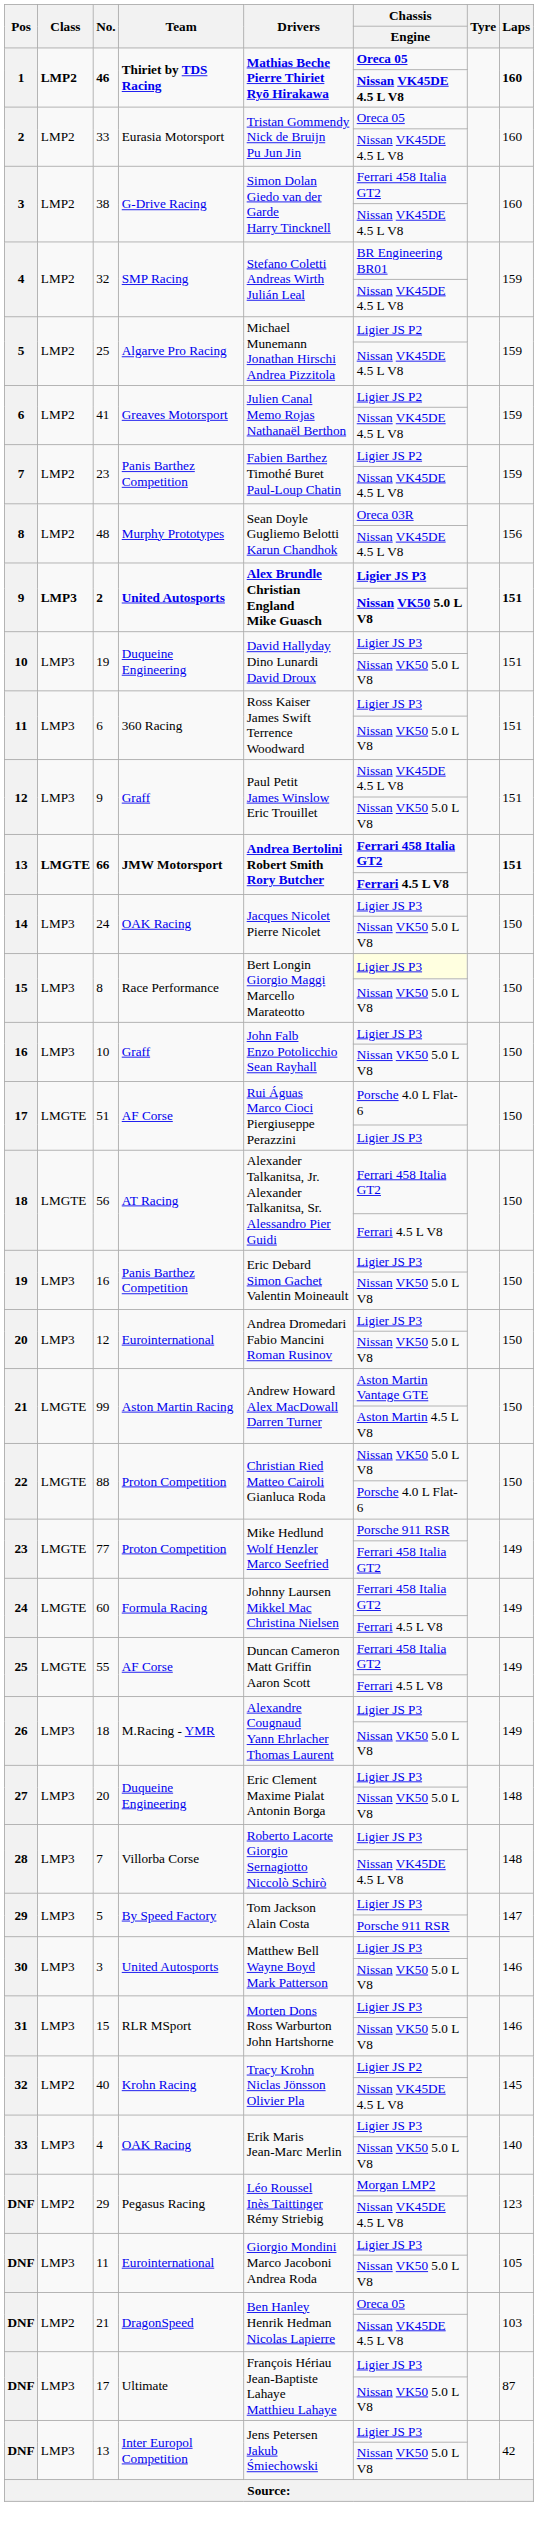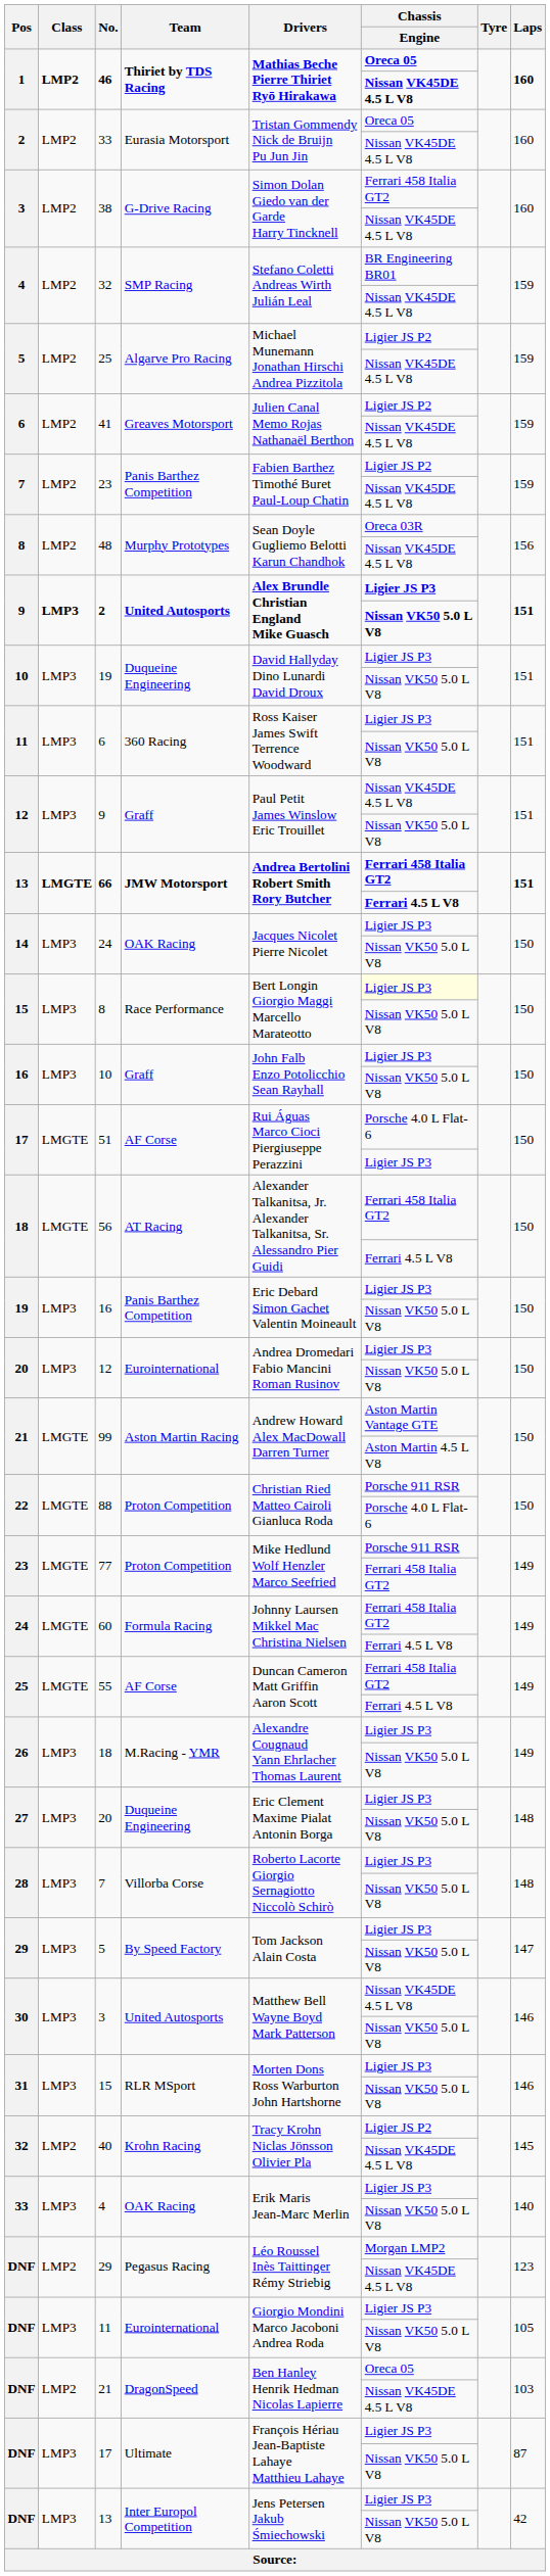 <table class="wikitable" style="font-size: 95%;">
 <tr>
 <th rowspan=2>Pos</th>
 <th rowspan=2>Class</th>
 <th rowspan=2>No.</th>
 <th rowspan=2>Team</th>
 <th rowspan=2>Drivers</th>
 <th>Chassis</th>
 <th rowspan=2>Tyre</th>
 <th rowspan=2>Laps</th>
 </tr>
 <tr>
 <th>Engine</th>
 </tr>
 <tr>
 <th rowspan=2>1</th>
 <td rowspan=2><strong>LMP2</strong></td>
 <td rowspan=2><strong>46</strong></td>
 <td rowspan=2><strong> Thiriet by <a href='#'>TDS Racing</a></strong></td>
 <td rowspan=2><strong> <a href='#'>Mathias Beche</a><br> <a href='#'>Pierre Thiriet</a><br> <a href='#'>Ryō Hirakawa</a></strong></td>
 <td><a href='#'><strong>Oreca 05</strong></a></td>
 <td rowspan=2></td>
 <td rowspan=2><strong>160</strong></td>
 </tr>
 <tr>
 <td><strong><a href='#'>Nissan</a> <a href='#'>VK45DE</a> 4.5 L V8</strong></td>
 </tr>
 <tr>
 <th rowspan=2>2</th>
 <td rowspan=2>LMP2</td>
 <td rowspan=2>33</td>
 <td rowspan=2> Eurasia Motorsport</td>
 <td rowspan=2> <a href='#'>Tristan Gommendy</a><br> <a href='#'>Nick de Bruijn</a><br> <a href='#'>Pu Jun Jin</a></td>
 <td><a href='#'>Oreca 05</a></td>
 <td rowspan=2></td>
 <td rowspan=2>160</td>
 </tr>
 <tr>
 <td><a href='#'>Nissan</a> <a href='#'>VK45DE</a> 4.5 L V8</td>
 </tr>
 <tr>
 <th rowspan=2>3</th>
 <td rowspan=2>LMP2</td>
 <td rowspan=2>38</td>
 <td rowspan=2> <a href='#'>G-Drive Racing</a></td>
 <td rowspan=2> <a href='#'>Simon Dolan</a><br> <a href='#'>Giedo van der Garde</a><br> <a href='#'>Harry Tincknell</a></td>
 <td><a href='#'>Ferrari 458 Italia GT2</a></td>
 <td rowspan=2></td>
 <td rowspan=2>160</td>
 </tr>
 <tr>
 <td><a href='#'>Nissan</a> <a href='#'>VK45DE</a> 4.5 L V8</td>
 </tr>
 <tr>
 <th rowspan=2>4</th>
 <td rowspan=2>LMP2</td>
 <td rowspan=2>32</td>
 <td rowspan=2> <a href='#'>SMP Racing</a></td>
 <td rowspan=2> <a href='#'>Stefano Coletti</a><br> <a href='#'>Andreas Wirth</a><br> <a href='#'>Julián Leal</a></td>
 <td><a href='#'>BR Engineering BR01</a></td>
 <td rowspan=2></td>
 <td rowspan=2>159</td>
 </tr>
 <tr>
 <td><a href='#'>Nissan</a> <a href='#'>VK45DE</a> 4.5 L V8</td>
 </tr>
 <tr>
 <th rowspan=2>5</th>
 <td rowspan=2>LMP2</td>
 <td rowspan=2>25</td>
 <td rowspan=2> <a href='#'>Algarve Pro Racing</a></td>
 <td rowspan=2> Michael Munemann<br> <a href='#'>Jonathan Hirschi</a><br> <a href='#'>Andrea Pizzitola</a></td>
 <td><a href='#'>Ligier JS P2</a></td>
 <td rowspan=2></td>
 <td rowspan=2>159</td>
 </tr>
 <tr>
 <td><a href='#'>Nissan</a> <a href='#'>VK45DE</a> 4.5 L V8</td>
 </tr>
 <tr>
 <th rowspan=2>6</th>
 <td rowspan=2>LMP2</td>
 <td rowspan=2>41</td>
 <td rowspan=2> <a href='#'>Greaves Motorsport</a></td>
 <td rowspan=2> <a href='#'>Julien Canal</a><br> <a href='#'>Memo Rojas</a><br> <a href='#'>Nathanaël Berthon</a></td>
 <td><a href='#'>Ligier JS P2</a></td>
 <td rowspan=2></td>
 <td rowspan=2>159</td>
 </tr>
 <tr>
 <td><a href='#'>Nissan</a> <a href='#'>VK45DE</a> 4.5 L V8</td>
 </tr>
 <tr>
 <th rowspan=2>7</th>
 <td rowspan=2>LMP2</td>
 <td rowspan=2>23</td>
 <td rowspan=2> <a href='#'>Panis Barthez Competition</a></td>
 <td rowspan=2> <a href='#'>Fabien Barthez</a><br> Timothé Buret<br> <a href='#'>Paul-Loup Chatin</a></td>
 <td><a href='#'>Ligier JS P2</a></td>
 <td rowspan=2></td>
 <td rowspan=2>159</td>
 </tr>
 <tr>
 <td><a href='#'>Nissan</a> <a href='#'>VK45DE</a> 4.5 L V8</td>
 </tr>
 <tr>
 <th rowspan=2>8</th>
 <td rowspan=2>LMP2</td>
 <td rowspan=2>48</td>
 <td rowspan=2> <a href='#'>Murphy Prototypes</a></td>
 <td rowspan=2> Sean Doyle<br> Gugliemo Belotti<br> <a href='#'>Karun Chandhok</a></td>
 <td><a href='#'>Oreca 03R</a></td>
 <td rowspan=2></td>
 <td rowspan=2>156</td>
 </tr>
 <tr>
 <td><a href='#'>Nissan</a> <a href='#'>VK45DE</a> 4.5 L V8</td>
 </tr>
 <tr>
 <th rowspan=2>9</th>
 <td rowspan=2><strong>LMP3</strong></td>
 <td rowspan=2><strong>2</strong></td>
 <td rowspan=2><strong> <a href='#'>United Autosports</a></strong></td>
 <td rowspan=2><strong> <a href='#'>Alex Brundle</a><br> Christian England<br> Mike Guasch</strong></td>
 <td><a href='#'><strong>Ligier JS P3</strong></a></td>
 <td rowspan=2></td>
 <td rowspan=2><strong>151</strong></td>
 </tr>
 <tr>
 <td><strong><a href='#'>Nissan</a> <a href='#'>VK50</a> 5.0 L V8</strong></td>
 </tr>
 <tr>
 <th rowspan=2>10</th>
 <td rowspan=2>LMP3</td>
 <td rowspan=2>19</td>
 <td rowspan=2> <a href='#'>Duqueine Engineering</a></td>
 <td rowspan=2> <a href='#'>David Hallyday</a><br> Dino Lunardi<br> <a href='#'>David Droux</a></td>
 <td><a href='#'>Ligier JS P3</a></td>
 <td rowspan=2></td>
 <td rowspan=2>151</td>
 </tr>
 <tr>
 <td><a href='#'>Nissan</a> <a href='#'>VK50</a> 5.0 L V8</td>
 </tr>
 <tr>
 <th rowspan=2>11</th>
 <td rowspan=2>LMP3</td>
 <td rowspan=2>6</td>
 <td rowspan=2> 360 Racing</td>
 <td rowspan=2> Ross Kaiser<br> James Swift<br> Terrence Woodward</td>
 <td><a href='#'>Ligier JS P3</a></td>
 <td rowspan=2></td>
 <td rowspan=2>151</td>
 </tr>
 <tr>
 <td><a href='#'>Nissan</a> <a href='#'>VK50</a> 5.0 L V8</td>
 </tr>
 <tr>
 <th rowspan=2>12</th>
 <td rowspan=2>LMP3</td>
 <td rowspan=2>9</td>
 <td rowspan=2> <a href='#'>Graff</a></td>
 <td rowspan=2> Paul Petit<br> <a href='#'>James Winslow</a><br> Eric Trouillet</td>
 <td><a href='#'>Nissan</a> <a href='#'>VK45DE</a> 4.5 L V8</td>
 <td rowspan=2></td>
 <td rowspan=2>151</td>
 </tr>
 <tr>
 <td><a href='#'>Nissan</a> <a href='#'>VK50</a> 5.0 L V8</td>
 </tr>
 <tr>
 <th rowspan=2>13</th>
 <td rowspan=2><strong>LMGTE</strong></td>
 <td rowspan=2><strong>66</strong></td>
 <td rowspan=2><strong> JMW Motorsport</strong></td>
 <td rowspan=2><strong> <a href='#'>Andrea Bertolini</a><br> Robert Smith<br> <a href='#'>Rory Butcher</a></strong></td>
 <td><a href='#'><strong>Ferrari 458 Italia GT2</strong></a></td>
 <td rowspan=2></td>
 <td rowspan=2><strong>151</strong></td>
 </tr>
 <tr>
 <td><strong><a href='#'>Ferrari</a> 4.5 L V8</strong></td>
 </tr>
 <tr>
 <th rowspan=2>14</th>
 <td rowspan=2>LMP3</td>
 <td rowspan=2>24</td>
 <td rowspan=2> <a href='#'>OAK Racing</a></td>
 <td rowspan=2> <a href='#'>Jacques Nicolet</a><br> Pierre Nicolet</td>
 <td><a href='#'>Ligier JS P3</a></td>
 <td rowspan=2></td>
 <td rowspan=2>150</td>
 </tr>
 <tr>
 <td><a href='#'>Nissan</a> <a href='#'>VK50</a> 5.0 L V8</td>
 </tr>
 <tr>
 <th rowspan=2>15</th>
 <td rowspan=2>LMP3</td>
 <td rowspan=2>8</td>
 <td rowspan=2> Race Performance</td>
 <td rowspan=2> Bert Longin<br> <a href='#'>Giorgio Maggi</a><br> Marcello Marateotto</td>
 <td style="background: lightyellow;"><a href='#'>Ligier JS P3</a></td>
 <td rowspan=2></td>
 <td rowspan=2>150</td>
 </tr>
 <tr>
 <td><a href='#'>Nissan</a> <a href='#'>VK50</a> 5.0 L V8</td>
 </tr>
 <tr>
 <th rowspan=2>16</th>
 <td rowspan=2>LMP3</td>
 <td rowspan=2>10</td>
 <td rowspan=2> <a href='#'>Graff</a></td>
 <td rowspan=2> <a href='#'>John Falb</a><br> <a href='#'>Enzo Potolicchio</a><br> <a href='#'>Sean Rayhall</a></td>
 <td><a href='#'>Ligier JS P3</a></td>
 <td rowspan=2></td>
 <td rowspan=2>150</td>
 </tr>
 <tr>
 <td><a href='#'>Nissan</a> <a href='#'>VK50</a> 5.0 L V8</td>
 </tr>
 <tr>
 <th rowspan=2>17</th>
 <td rowspan=2>LMGTE</td>
 <td rowspan=2>51</td>
 <td rowspan=2> <a href='#'>AF Corse</a></td>
 <td rowspan=2> <a href='#'>Rui Águas</a><br> <a href='#'>Marco Cioci</a><br> Piergiuseppe Perazzini</td>
 <td><a href='#'>Porsche</a> 4.0 L Flat-6</td>
 <td rowspan=2></td>
 <td rowspan=2>150</td>
 </tr>
 <tr>
 <td><a href='#'>Ligier JS P3</a></td>
 </tr>
 <tr>
 <th rowspan=2>18</th>
 <td rowspan=2>LMGTE</td>
 <td rowspan=2>56</td>
 <td rowspan=2> <a href='#'>AT Racing</a></td>
 <td rowspan=2> Alexander Talkanitsa, Jr.<br> Alexander Talkanitsa, Sr.<br> <a href='#'>Alessandro Pier Guidi</a></td>
 <td><a href='#'>Ferrari 458 Italia GT2</a></td>
 <td rowspan=2></td>
 <td rowspan=2>150</td>
 </tr>
 <tr>
 <td><a href='#'>Ferrari</a> 4.5 L V8</td>
 </tr>
 <tr>
 <th rowspan=2>19</th>
 <td rowspan=2>LMP3</td>
 <td rowspan=2>16</td>
 <td rowspan=2> <a href='#'>Panis Barthez Competition</a></td>
 <td rowspan=2> Eric Debard<br> <a href='#'>Simon Gachet</a><br> Valentin Moineault</td>
 <td><a href='#'>Ligier JS P3</a></td>
 <td rowspan=2></td>
 <td rowspan=2>150</td>
 </tr>
 <tr>
 <td><a href='#'>Nissan</a> <a href='#'>VK50</a> 5.0 L V8</td>
 </tr>
 <tr>
 <th rowspan=2>20</th>
 <td rowspan=2>LMP3</td>
 <td rowspan=2>12</td>
 <td rowspan=2> <a href='#'>Eurointernational</a></td>
 <td rowspan=2> Andrea Dromedari<br> Fabio Mancini<br> <a href='#'>Roman Rusinov</a></td>
 <td><a href='#'>Ligier JS P3</a></td>
 <td rowspan=2></td>
 <td rowspan=2>150</td>
 </tr>
 <tr>
 <td><a href='#'>Nissan</a> <a href='#'>VK50</a> 5.0 L V8</td>
 </tr>
 <tr>
 <th rowspan=2>21</th>
 <td rowspan=2>LMGTE</td>
 <td rowspan=2>99</td>
 <td rowspan=2> <a href='#'>Aston Martin Racing</a></td>
 <td rowspan=2> Andrew Howard<br> <a href='#'>Alex MacDowall</a><br> <a href='#'>Darren Turner</a></td>
 <td><a href='#'>Aston Martin Vantage GTE</a></td>
 <td rowspan=2></td>
 <td rowspan=2>150</td>
 </tr>
 <tr>
 <td><a href='#'>Aston Martin</a> 4.5 L V8</td>
 </tr>
 <tr>
 <th rowspan=2>22</th>
 <td rowspan=2>LMGTE</td>
 <td rowspan=2>88</td>
 <td rowspan=2> <a href='#'>Proton Competition</a></td>
 <td rowspan=2> <a href='#'>Christian Ried</a><br> <a href='#'>Matteo Cairoli</a><br> Gianluca Roda</td>
-<td><a href='#'>Nissan</a> <a href='#'>VK50</a> 5.0 L V8</td>
+<td><a href='#'>Porsche 911 RSR</a></td>
 <td rowspan=2></td>
 <td rowspan=2>150</td>
 </tr>
 <tr>
 <td><a href='#'>Porsche</a> 4.0 L Flat-6</td>
 </tr>
 <tr>
 <th rowspan=2>23</th>
 <td rowspan=2>LMGTE</td>
 <td rowspan=2>77</td>
 <td rowspan=2> <a href='#'>Proton Competition</a></td>
 <td rowspan=2> Mike Hedlund<br> <a href='#'>Wolf Henzler</a><br> <a href='#'>Marco Seefried</a></td>
 <td><a href='#'>Porsche 911 RSR</a></td>
 <td rowspan=2></td>
 <td rowspan=2>149</td>
 </tr>
 <tr>
 <td><a href='#'>Ferrari 458 Italia GT2</a></td>
 </tr>
 <tr>
 <th rowspan=2>24</th>
 <td rowspan=2>LMGTE</td>
 <td rowspan=2>60</td>
 <td rowspan=2> <a href='#'>Formula Racing</a></td>
 <td rowspan=2> Johnny Laursen<br> <a href='#'>Mikkel Mac</a><br> <a href='#'>Christina Nielsen</a></td>
 <td><a href='#'>Ferrari 458 Italia GT2</a></td>
 <td rowspan=2></td>
 <td rowspan=2>149</td>
 </tr>
 <tr>
 <td><a href='#'>Ferrari</a> 4.5 L V8</td>
 </tr>
 <tr>
 <th rowspan=2>25</th>
 <td rowspan=2>LMGTE</td>
 <td rowspan=2>55</td>
 <td rowspan=2> <a href='#'>AF Corse</a></td>
 <td rowspan=2> Duncan Cameron<br> Matt Griffin<br> Aaron Scott</td>
 <td><a href='#'>Ferrari 458 Italia GT2</a></td>
 <td rowspan=2></td>
 <td rowspan=2>149</td>
 </tr>
 <tr>
 <td><a href='#'>Ferrari</a> 4.5 L V8</td>
 </tr>
 <tr>
 <th rowspan="2">26</th>
 <td rowspan="2">LMP3</td>
 <td rowspan="2">18</td>
 <td rowspan="2"> M.Racing - <a href='#'>YMR</a></td>
 <td rowspan="2"> <a href='#'>Alexandre Cougnaud</a><br> <a href='#'>Yann Ehrlacher</a><br> <a href='#'>Thomas Laurent</a></td>
 <td><a href='#'>Ligier JS P3</a></td>
 <td rowspan="2"></td>
 <td rowspan="2">149</td>
 </tr>
 <tr>
 <td><a href='#'>Nissan</a> <a href='#'>VK50</a> 5.0 L V8</td>
 </tr>
 <tr>
 <th rowspan=2>27</th>
 <td rowspan=2>LMP3</td>
 <td rowspan=2>20</td>
 <td rowspan=2> <a href='#'>Duqueine Engineering</a></td>
 <td rowspan=2> Eric Clement<br> Maxime Pialat<br> Antonin Borga</td>
 <td><a href='#'>Ligier JS P3</a></td>
 <td rowspan=2></td>
 <td rowspan=2>148</td>
 </tr>
 <tr>
 <td><a href='#'>Nissan</a> <a href='#'>VK50</a> 5.0 L V8</td>
 </tr>
 <tr>
 <th rowspan="2">28</th>
 <td rowspan="2">LMP3</td>
 <td rowspan="2">7</td>
 <td rowspan="2"> Villorba Corse</td>
 <td rowspan="2"> <a href='#'>Roberto Lacorte</a><br> <a href='#'>Giorgio Sernagiotto</a><br> <a href='#'>Niccolò Schirò</a></td>
 <td><a href='#'>Ligier JS P3</a></td>
 <td rowspan="2"></td>
 <td rowspan="2">148</td>
 </tr>
 <tr>
-<td><a href='#'>Nissan</a> <a href='#'>VK45DE</a> 4.5 L V8</td>
+<td><a href='#'>Nissan</a> <a href='#'>VK50</a> 5.0 L V8</td>
 </tr>
 <tr>
 <th rowspan="2">29</th>
 <td rowspan="2">LMP3</td>
 <td rowspan="2">5</td>
 <td rowspan="2"> <a href='#'>By Speed Factory</a></td>
 <td rowspan="2"> Tom Jackson<br> Alain Costa</td>
 <td><a href='#'>Ligier JS P3</a></td>
 <td rowspan="2"></td>
 <td rowspan="2">147</td>
 </tr>
 <tr>
-<td><a href='#'>Porsche 911 RSR</a></td>
+<td><a href='#'>Nissan</a> <a href='#'>VK50</a> 5.0 L V8</td>
 </tr>
 <tr>
 <th rowspan="2">30</th>
 <td rowspan="2">LMP3</td>
 <td rowspan="2">3</td>
 <td rowspan="2"> <a href='#'>United Autosports</a></td>
 <td rowspan="2"> Matthew Bell<br> <a href='#'>Wayne Boyd</a><br> <a href='#'>Mark Patterson</a></td>
-<td><a href='#'>Ligier JS P3</a></td>
+<td><a href='#'>Nissan</a> <a href='#'>VK45DE</a> 4.5 L V8</td>
 <td rowspan="2"></td>
 <td rowspan="2">146</td>
 </tr>
 <tr>
 <td><a href='#'>Nissan</a> <a href='#'>VK50</a> 5.0 L V8</td>
 </tr>
 <tr>
 <th rowspan="2">31</th>
 <td rowspan="2">LMP3</td>
 <td rowspan="2">15</td>
 <td rowspan="2"> RLR MSport</td>
 <td rowspan="2"> <a href='#'>Morten Dons</a><br> Ross Warburton<br> John Hartshorne</td>
 <td><a href='#'>Ligier JS P3</a></td>
 <td rowspan="2"></td>
 <td rowspan="2">146</td>
 </tr>
 <tr>
 <td><a href='#'>Nissan</a> <a href='#'>VK50</a> 5.0 L V8</td>
 </tr>
 <tr>
 <th rowspan="2">32</th>
 <td rowspan="2">LMP2</td>
 <td rowspan="2">40</td>
 <td rowspan="2"> <a href='#'>Krohn Racing</a></td>
 <td rowspan="2"> <a href='#'>Tracy Krohn</a><br> <a href='#'>Niclas Jönsson</a><br> <a href='#'>Olivier Pla</a></td>
 <td><a href='#'>Ligier JS P2</a></td>
 <td rowspan="2"></td>
 <td rowspan="2">145</td>
 </tr>
 <tr>
 <td><a href='#'>Nissan</a> <a href='#'>VK45DE</a> 4.5 L V8</td>
 </tr>
 <tr>
 <th rowspan="2">33</th>
 <td rowspan="2">LMP3</td>
 <td rowspan="2">4</td>
 <td rowspan="2"> <a href='#'>OAK Racing</a></td>
 <td rowspan="2"> Erik Maris<br> Jean-Marc Merlin</td>
 <td><a href='#'>Ligier JS P3</a></td>
 <td rowspan="2"></td>
 <td rowspan="2">140</td>
 </tr>
 <tr>
 <td><a href='#'>Nissan</a> <a href='#'>VK50</a> 5.0 L V8</td>
 </tr>
 <tr>
 <th rowspan="2">DNF</th>
 <td rowspan="2">LMP2</td>
 <td rowspan="2">29</td>
 <td rowspan="2"> Pegasus Racing</td>
 <td rowspan="2"> <a href='#'>Léo Roussel</a><br> <a href='#'>Inès Taittinger</a><br> Rémy Striebig</td>
 <td><a href='#'>Morgan LMP2</a></td>
 <td rowspan="2"></td>
 <td rowspan="2">123</td>
 </tr>
 <tr>
 <td><a href='#'>Nissan</a> <a href='#'>VK45DE</a> 4.5 L V8</td>
 </tr>
 <tr>
 <th rowspan="2">DNF</th>
 <td rowspan="2">LMP3</td>
 <td rowspan="2">11</td>
 <td rowspan="2"> <a href='#'>Eurointernational</a></td>
 <td rowspan="2"> <a href='#'>Giorgio Mondini</a><br> Marco Jacoboni<br> Andrea Roda</td>
 <td><a href='#'>Ligier JS P3</a></td>
 <td rowspan="2"></td>
 <td rowspan="2">105</td>
 </tr>
 <tr>
 <td><a href='#'>Nissan</a> <a href='#'>VK50</a> 5.0 L V8</td>
 </tr>
 <tr>
 <th rowspan="2">DNF</th>
 <td rowspan="2">LMP2</td>
 <td rowspan="2">21</td>
 <td rowspan="2"> <a href='#'>DragonSpeed</a></td>
 <td rowspan="2"> <a href='#'>Ben Hanley</a><br> Henrik Hedman<br> <a href='#'>Nicolas Lapierre</a></td>
 <td><a href='#'>Oreca 05</a></td>
 <td rowspan="2"></td>
 <td rowspan="2">103</td>
 </tr>
 <tr>
 <td><a href='#'>Nissan</a> <a href='#'>VK45DE</a> 4.5 L V8</td>
 </tr>
 <tr>
 <th rowspan="2">DNF</th>
 <td rowspan="2">LMP3</td>
 <td rowspan="2">17</td>
 <td rowspan="2"> Ultimate</td>
 <td rowspan="2"> François Hériau<br> Jean-Baptiste Lahaye<br> <a href='#'>Matthieu Lahaye</a></td>
 <td><a href='#'>Ligier JS P3</a></td>
 <td rowspan="2"></td>
 <td rowspan="2">87</td>
 </tr>
 <tr>
 <td><a href='#'>Nissan</a> <a href='#'>VK50</a> 5.0 L V8</td>
 </tr>
 <tr>
 <th rowspan="2">DNF</th>
 <td rowspan="2">LMP3</td>
 <td rowspan="2">13</td>
 <td rowspan="2"> <a href='#'>Inter Europol Competition</a></td>
 <td rowspan="2"> Jens Petersen<br> <a href='#'>Jakub Śmiechowski</a></td>
 <td><a href='#'>Ligier JS P3</a></td>
 <td rowspan="2"></td>
 <td rowspan="2">42</td>
 </tr>
 <tr>
 <td><a href='#'>Nissan</a> <a href='#'>VK50</a> 5.0 L V8</td>
 </tr>
 <tr>
 <th colspan="8">Source:</th>
 </tr>
 </table>
